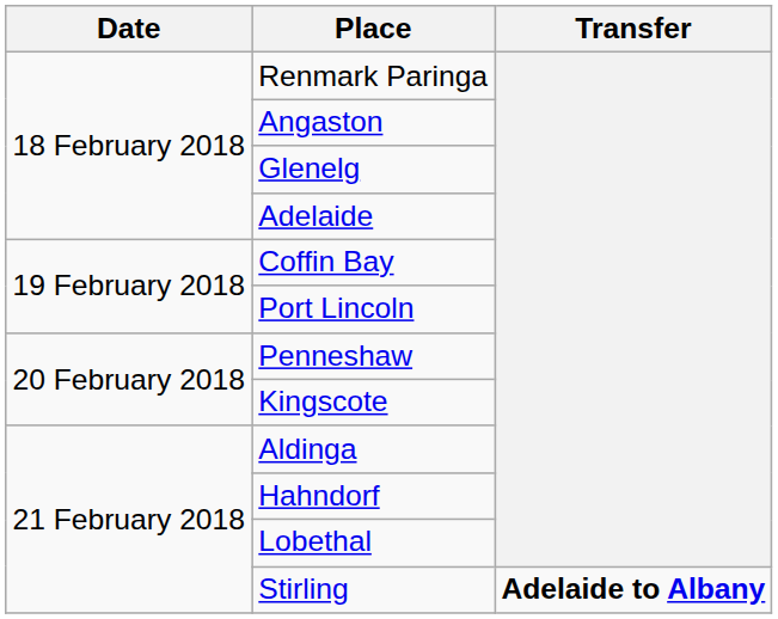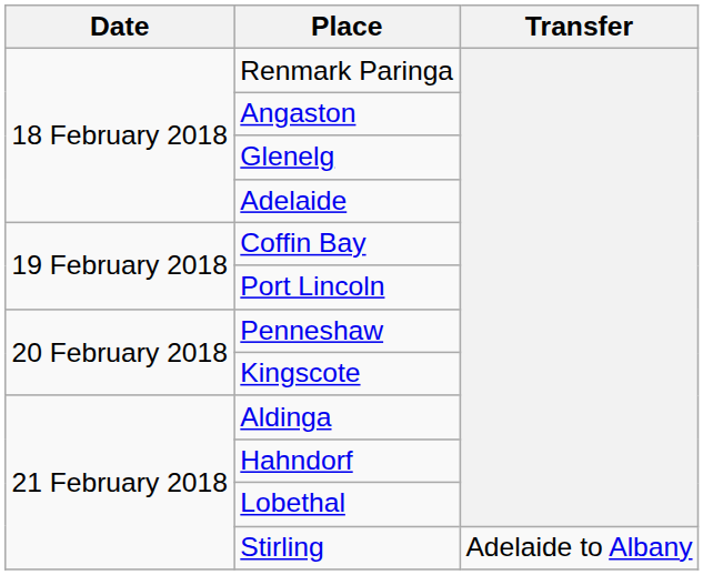 <table class="wikitable">
 <tr>
 <th>Date</th>
 <th>Place</th>
 <th>Transfer</th>
 </tr>
 <tr>
 <td rowspan="4">18 February 2018</td>
 <td>Renmark Paringa</td>
 <th rowspan="11"></th>
 </tr>
 <tr>
 <td><a href='#'>Angaston</a></td>
 </tr>
 <tr>
 <td><a href='#'>Glenelg</a></td>
 </tr>
 <tr>
 <td><a href='#'>Adelaide</a></td>
 </tr>
 <tr>
 <td rowspan="2">19 February 2018</td>
 <td><a href='#'>Coffin Bay</a></td>
 </tr>
 <tr>
 <td><a href='#'>Port Lincoln</a></td>
 </tr>
 <tr>
 <td rowspan="2">20 February 2018</td>
 <td><a href='#'>Penneshaw</a></td>
 </tr>
 <tr>
 <td><a href='#'>Kingscote</a></td>
 </tr>
 <tr>
 <td rowspan="4">21 February 2018</td>
 <td><a href='#'>Aldinga</a></td>
 </tr>
 <tr>
 <td><a href='#'>Hahndorf</a></td>
 </tr>
 <tr>
 <td><a href='#'>Lobethal</a></td>
 </tr>
 <tr>
 <td><a href='#'>Stirling</a></td>
-<td><strong>Adelaide to <a href='#'>Albany</a></strong></td>
+<td>Adelaide to <a href='#'>Albany</a></td>
 </tr>
 </table>
